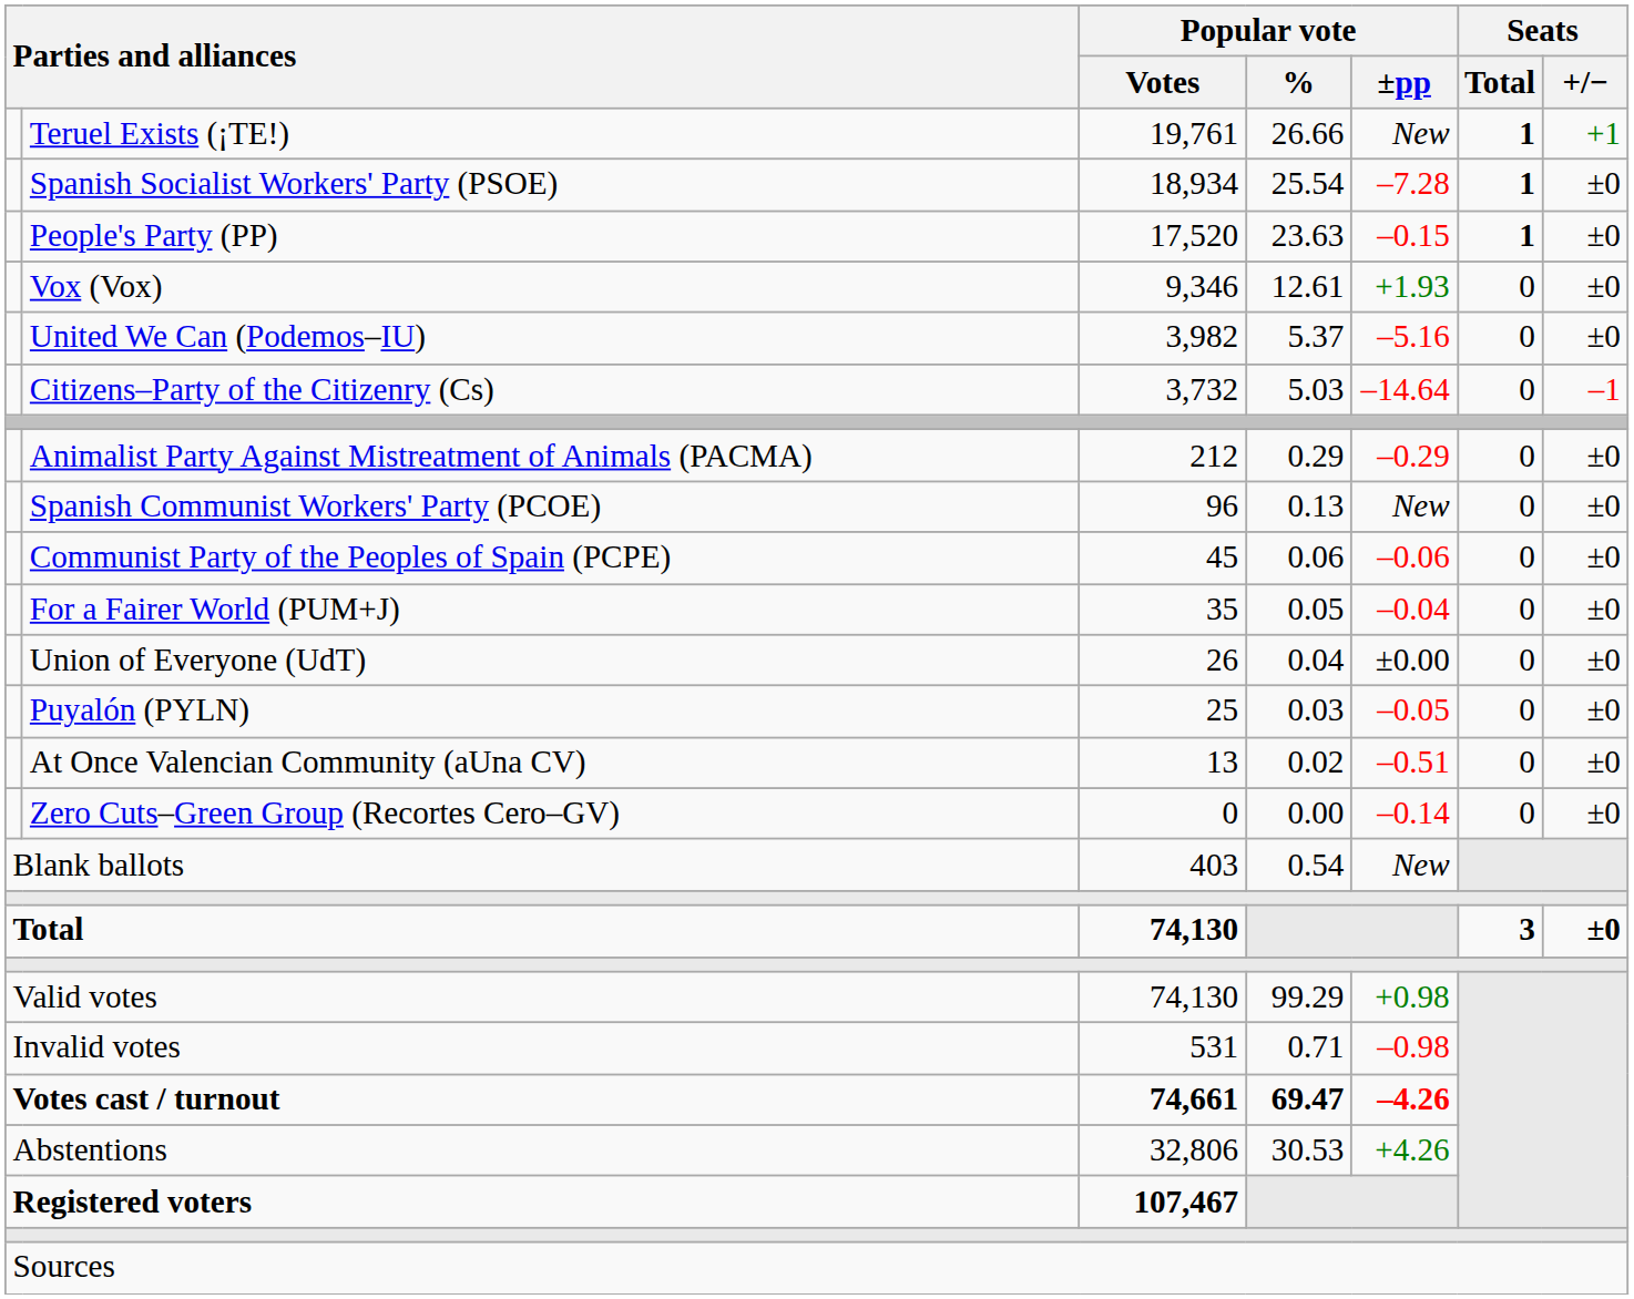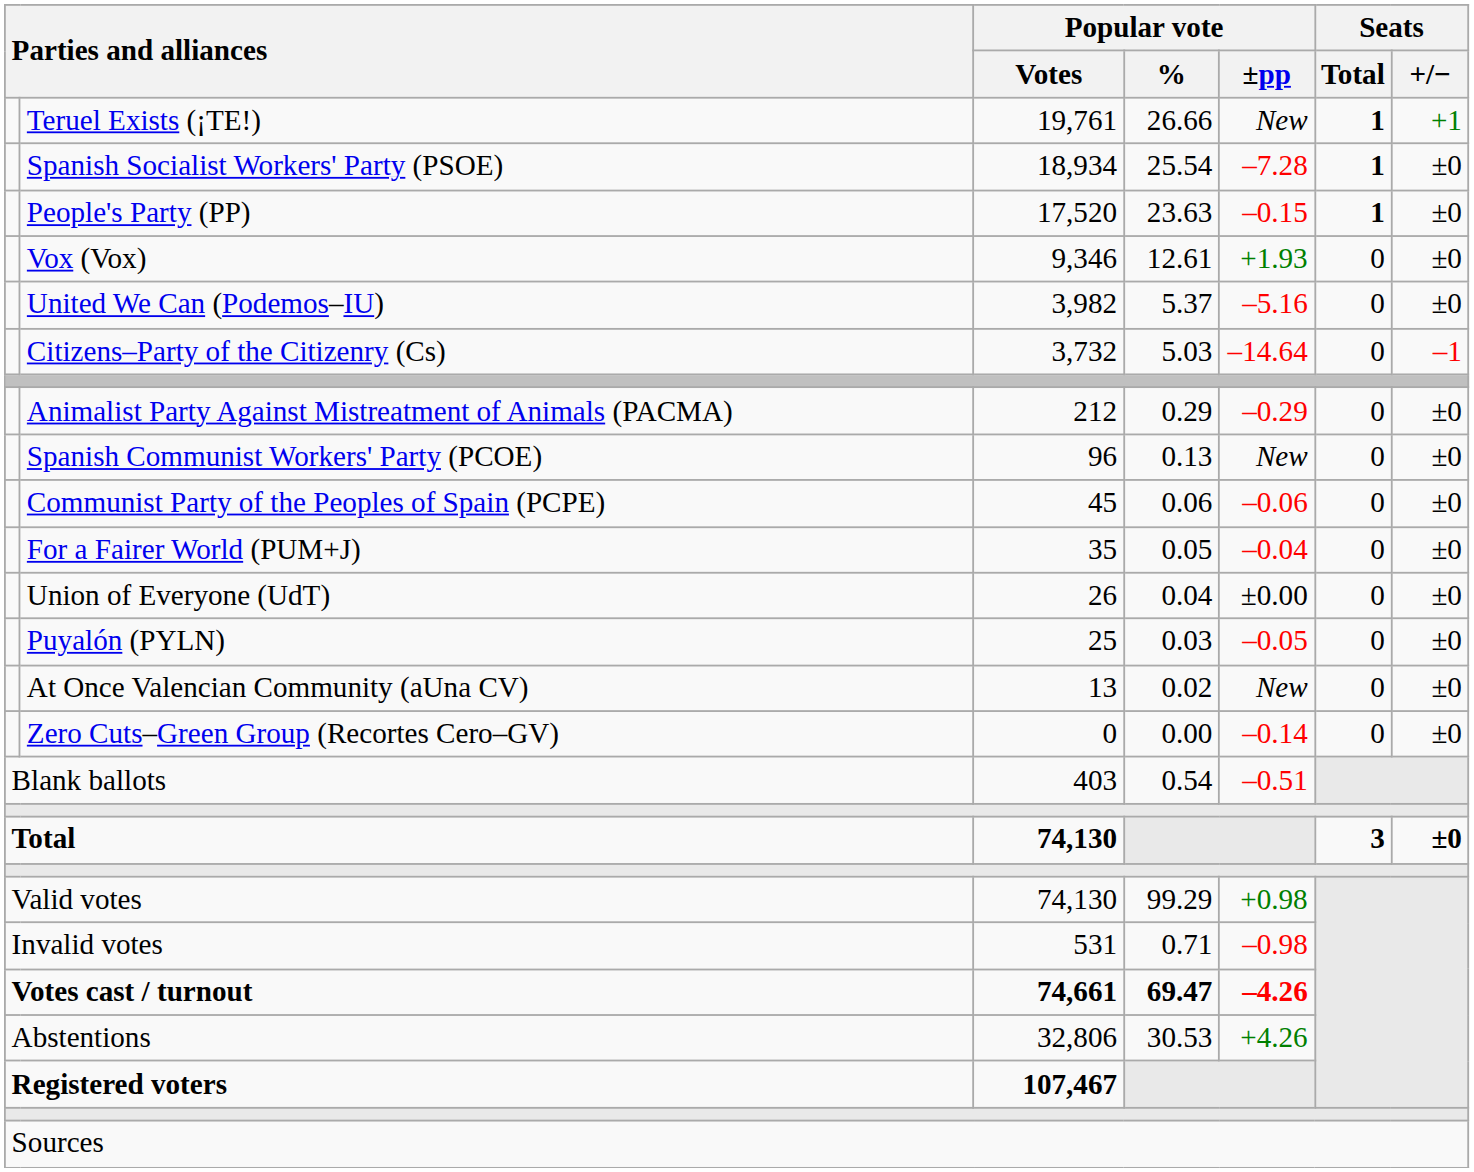 <table class="wikitable" style="text-align:right;">
 <tr>
 <th style="text-align:left;" rowspan="2" colspan="2" width="525">Parties and alliances</th>
 <th colspan="3">Popular vote</th>
 <th colspan="2">Seats</th>
 </tr>
 <tr>
 <th width="75">Votes</th>
 <th width="45">%</th>
 <th width="45">±<a href='#'>pp</a></th>
 <th width="35">Total</th>
 <th width="35">+/−</th>
 </tr>
 <tr>
 <td width="1" style="color:inherit;background:"></td>
 <td align="left"><a href='#'>Teruel Exists</a> (¡TE!)</td>
 <td>19,761</td>
 <td>26.66</td>
 <td><em>New</em></td>
 <td><strong>1</strong></td>
 <td style="color:green;">+1</td>
 </tr>
 <tr>
 <td style="color:inherit;background:"></td>
 <td align="left"><a href='#'>Spanish Socialist Workers' Party</a> (PSOE)</td>
 <td>18,934</td>
 <td>25.54</td>
 <td style="color:red;">–7.28</td>
 <td><strong>1</strong></td>
 <td>±0</td>
 </tr>
 <tr>
 <td style="color:inherit;background:"></td>
 <td align="left"><a href='#'>People's Party</a> (PP)</td>
 <td>17,520</td>
 <td>23.63</td>
 <td style="color:red;">–0.15</td>
 <td><strong>1</strong></td>
 <td>±0</td>
 </tr>
 <tr>
 <td style="color:inherit;background:"></td>
 <td align="left"><a href='#'>Vox</a> (Vox)</td>
 <td>9,346</td>
 <td>12.61</td>
 <td style="color:green;">+1.93</td>
 <td>0</td>
 <td>±0</td>
 </tr>
 <tr>
 <td style="color:inherit;background:"></td>
 <td align="left"><a href='#'>United We Can</a> (<a href='#'>Podemos</a>–<a href='#'>IU</a>)</td>
 <td>3,982</td>
 <td>5.37</td>
 <td style="color:red;">–5.16</td>
 <td>0</td>
 <td>±0</td>
 </tr>
 <tr>
 <td style="color:inherit;background:"></td>
 <td align="left"><a href='#'>Citizens–Party of the Citizenry</a> (Cs)</td>
 <td>3,732</td>
 <td>5.03</td>
 <td style="color:red;">–14.64</td>
 <td>0</td>
 <td style="color:red;">–1</td>
 </tr>
 <tr>
 <td colspan="7" bgcolor="#C0C0C0"></td>
 </tr>
 <tr>
 <td style="color:inherit;background:"></td>
 <td align="left"><a href='#'>Animalist Party Against Mistreatment of Animals</a> (PACMA)</td>
 <td>212</td>
 <td>0.29</td>
 <td style="color:red;">–0.29</td>
 <td>0</td>
 <td>±0</td>
 </tr>
 <tr>
 <td style="color:inherit;background:"></td>
 <td align="left"><a href='#'>Spanish Communist Workers' Party</a> (PCOE)</td>
 <td>96</td>
 <td>0.13</td>
 <td><em>New</em></td>
 <td>0</td>
 <td>±0</td>
 </tr>
 <tr>
 <td style="color:inherit;background:"></td>
 <td align="left"><a href='#'>Communist Party of the Peoples of Spain</a> (PCPE)</td>
 <td>45</td>
 <td>0.06</td>
 <td style="color:red;">–0.06</td>
 <td>0</td>
 <td>±0</td>
 </tr>
 <tr>
 <td style="color:inherit;background:"></td>
 <td align="left"><a href='#'>For a Fairer World</a> (PUM+J)</td>
 <td>35</td>
 <td>0.05</td>
 <td style="color:red;">–0.04</td>
 <td>0</td>
 <td>±0</td>
 </tr>
 <tr>
 <td style="color:inherit;background:"></td>
 <td align="left">Union of Everyone (UdT)</td>
 <td>26</td>
 <td>0.04</td>
 <td>±0.00</td>
 <td>0</td>
 <td>±0</td>
 </tr>
 <tr>
 <td style="color:inherit;background:"></td>
 <td align="left"><a href='#'>Puyalón</a> (PYLN)</td>
 <td>25</td>
 <td>0.03</td>
 <td style="color:red;">–0.05</td>
 <td>0</td>
 <td>±0</td>
 </tr>
 <tr>
 <td style="color:inherit;background:"></td>
 <td align="left">At Once Valencian Community (aUna CV)</td>
 <td>13</td>
 <td>0.02</td>
-<td style="color:red;">–0.51</td>
+<td><em>New</em></td>
 <td>0</td>
 <td>±0</td>
 </tr>
 <tr>
 <td style="color:inherit;background:"></td>
 <td align="left"><a href='#'>Zero Cuts</a>–<a href='#'>Green Group</a> (Recortes Cero–GV)</td>
 <td>0</td>
 <td>0.00</td>
 <td style="color:red;">–0.14</td>
 <td>0</td>
 <td>±0</td>
 </tr>
 <tr>
 <td align="left" colspan="2">Blank ballots</td>
 <td>403</td>
 <td>0.54</td>
-<td><em>New</em></td>
+<td style="color:red;">–0.51</td>
 <td bgcolor="#E9E9E9" colspan="2"></td>
 </tr>
 <tr>
 <td colspan="7" bgcolor="#E9E9E9"></td>
 </tr>
 <tr style="font-weight:bold;">
 <td align="left" colspan="2">Total</td>
 <td>74,130</td>
 <td bgcolor="#E9E9E9" colspan="2"></td>
 <td>3</td>
 <td>±0</td>
 </tr>
 <tr>
 <td colspan="7" bgcolor="#E9E9E9"></td>
 </tr>
 <tr>
 <td align="left" colspan="2">Valid votes</td>
 <td>74,130</td>
 <td>99.29</td>
 <td style="color:green;">+0.98</td>
 <td bgcolor="#E9E9E9" colspan="2" rowspan="5"></td>
 </tr>
 <tr>
 <td align="left" colspan="2">Invalid votes</td>
 <td>531</td>
 <td>0.71</td>
 <td style="color:red;">–0.98</td>
 </tr>
 <tr style="font-weight:bold;">
 <td align="left" colspan="2">Votes cast / turnout</td>
 <td>74,661</td>
 <td>69.47</td>
 <td style="color:red;">–4.26</td>
 </tr>
 <tr>
 <td align="left" colspan="2">Abstentions</td>
 <td>32,806</td>
 <td>30.53</td>
 <td style="color:green;">+4.26</td>
 </tr>
 <tr style="font-weight:bold;">
 <td align="left" colspan="2">Registered voters</td>
 <td>107,467</td>
 <td bgcolor="#E9E9E9" colspan="2"></td>
 </tr>
 <tr>
 <td colspan="7" bgcolor="#E9E9E9"></td>
 </tr>
 <tr>
 <td align="left" colspan="7">Sources</td>
 </tr>
 </table>
